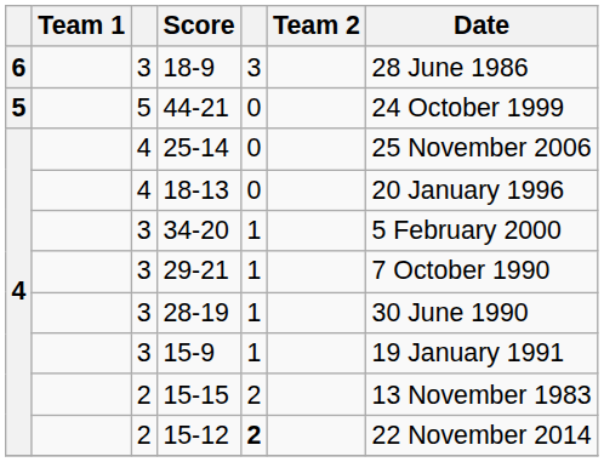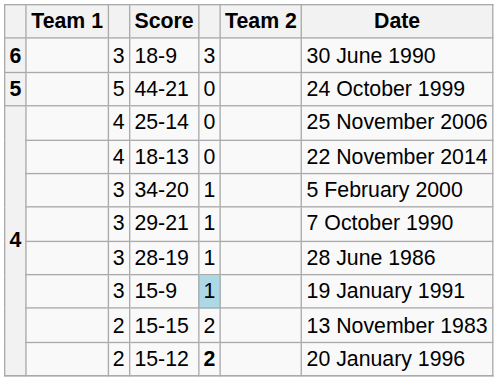 <table class="wikitable sortable">
 <tr>
 <th></th>
 <th>Team 1</th>
 <th></th>
 <th>Score</th>
 <th></th>
 <th>Team 2</th>
 <th>Date</th>
 </tr>
 <tr>
 <th>6</th>
 <td></td>
 <td>3</td>
 <td>18-9</td>
 <td>3</td>
 <td></td>
-<td>28 June 1986</td>
+<td>30 June 1990</td>
 </tr>
 <tr>
 <th>5</th>
 <td></td>
 <td>5</td>
 <td>44-21</td>
 <td>0</td>
 <td></td>
 <td>24 October 1999</td>
 </tr>
 <tr>
 <th rowspan=8>4</th>
 <td></td>
 <td>4</td>
 <td>25-14</td>
 <td>0</td>
 <td></td>
 <td>25 November 2006</td>
 </tr>
 <tr>
 <td></td>
 <td>4</td>
 <td>18-13</td>
 <td>0</td>
 <td></td>
-<td>20 January 1996</td>
+<td>22 November 2014</td>
 </tr>
 <tr>
 <td></td>
 <td>3</td>
 <td>34-20</td>
 <td>1</td>
 <td></td>
 <td>5 February 2000</td>
 </tr>
 <tr>
 <td></td>
 <td>3</td>
 <td>29-21</td>
 <td>1</td>
 <td></td>
 <td>7 October 1990</td>
 </tr>
 <tr>
 <td></td>
 <td>3</td>
 <td>28-19</td>
 <td>1</td>
 <td></td>
-<td>30 June 1990</td>
+<td>28 June 1986</td>
 </tr>
 <tr>
 <td></td>
 <td>3</td>
 <td>15-9</td>
-<td>1</td>
+<td style="background: lightblue;">1</td>
 <td></td>
 <td>19 January 1991</td>
 </tr>
 <tr>
 <td></td>
 <td>2</td>
 <td>15-15</td>
 <td>2</td>
 <td></td>
 <td>13 November 1983</td>
 </tr>
 <tr>
 <td></td>
 <td>2</td>
 <td>15-12</td>
 <td><strong>2</strong></td>
 <td></td>
-<td>22 November 2014</td>
+<td>20 January 1996</td>
 </tr>
 <tr>
 </tr>
 </table>
